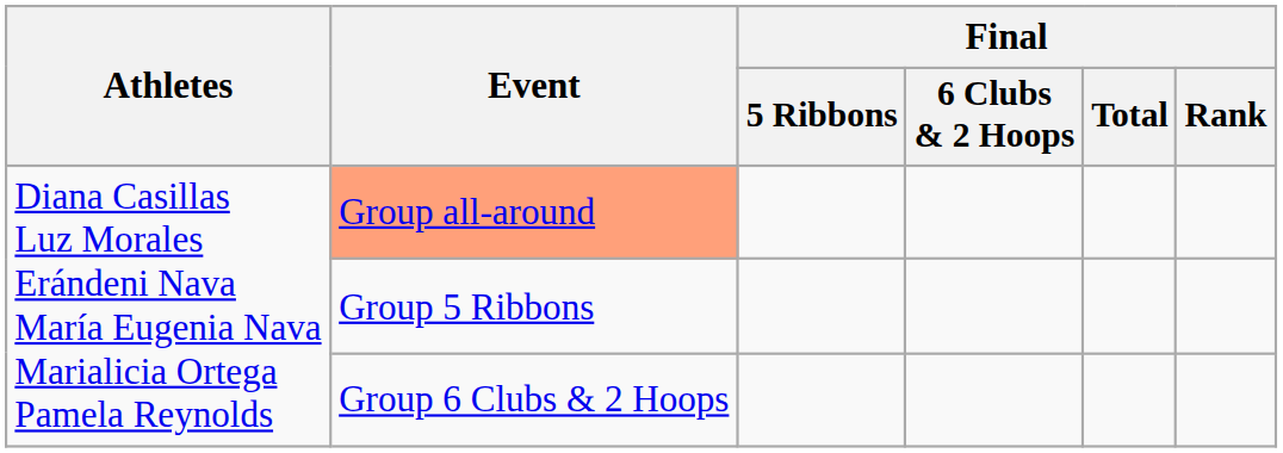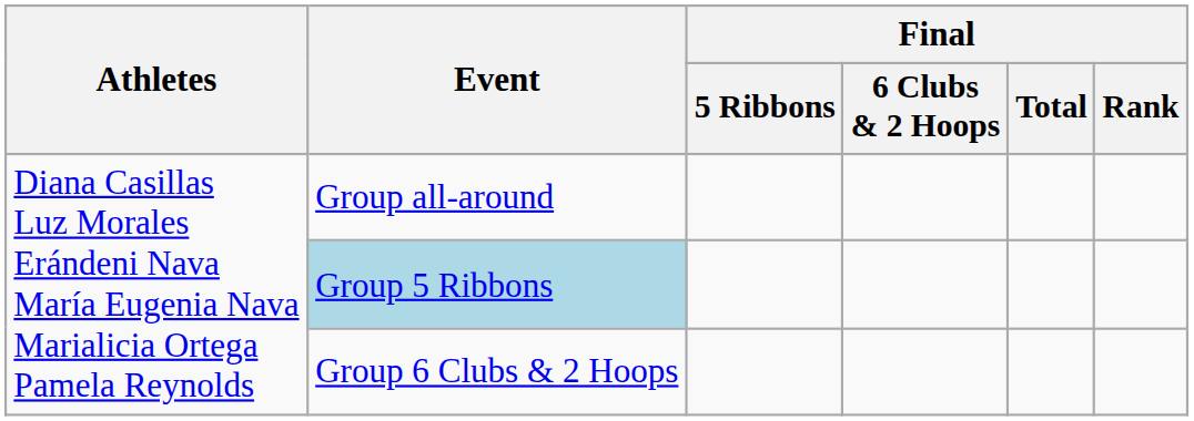 <table class="wikitable" style="font-size:90%">
 <tr>
 <th rowspan="2">Athletes</th>
 <th rowspan="2">Event</th>
 <th colspan="4">Final</th>
 </tr>
 <tr style="font-size:95%">
 <th>5 Ribbons</th>
 <th>6 Clubs<br>& 2 Hoops</th>
 <th>Total</th>
 <th>Rank</th>
 </tr>
 <tr align=center>
 <td align=left rowspan=3><a href='#'>Diana Casillas</a><br><a href='#'>Luz Morales</a><br><a href='#'>Erándeni Nava</a><br><a href='#'>María Eugenia Nava</a><br><a href='#'>Marialicia Ortega</a><br><a href='#'>Pamela Reynolds</a></td>
-<td align=left style="background: lightsalmon;"><a href='#'>Group all-around</a></td>
+<td align=left><a href='#'>Group all-around</a></td>
 <td></td>
 <td></td>
 <td></td>
 <td></td>
 </tr>
 <tr>
-<td align=left><a href='#'>Group 5 Ribbons</a></td>
+<td align=left style="background: lightblue;"><a href='#'>Group 5 Ribbons</a></td>
 <td></td>
 <td></td>
 <td></td>
 <td></td>
 </tr>
 <tr>
 <td align=left><a href='#'>Group 6 Clubs & 2 Hoops</a></td>
 <td></td>
 <td></td>
 <td></td>
 <td></td>
 </tr>
 </table>
